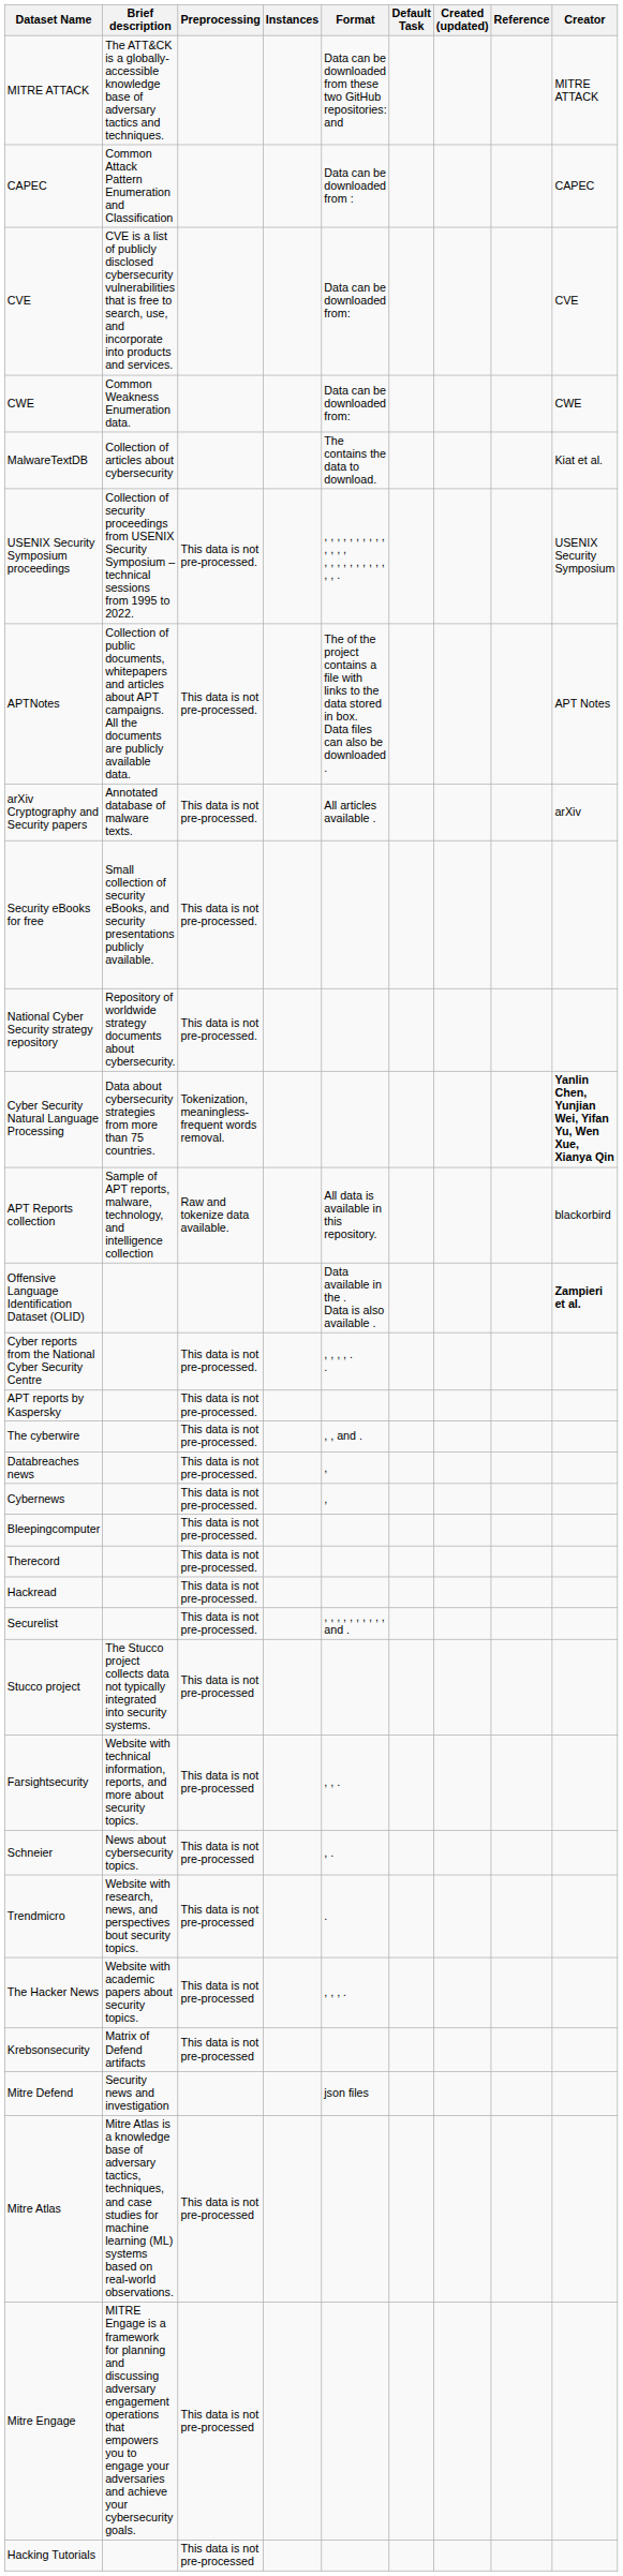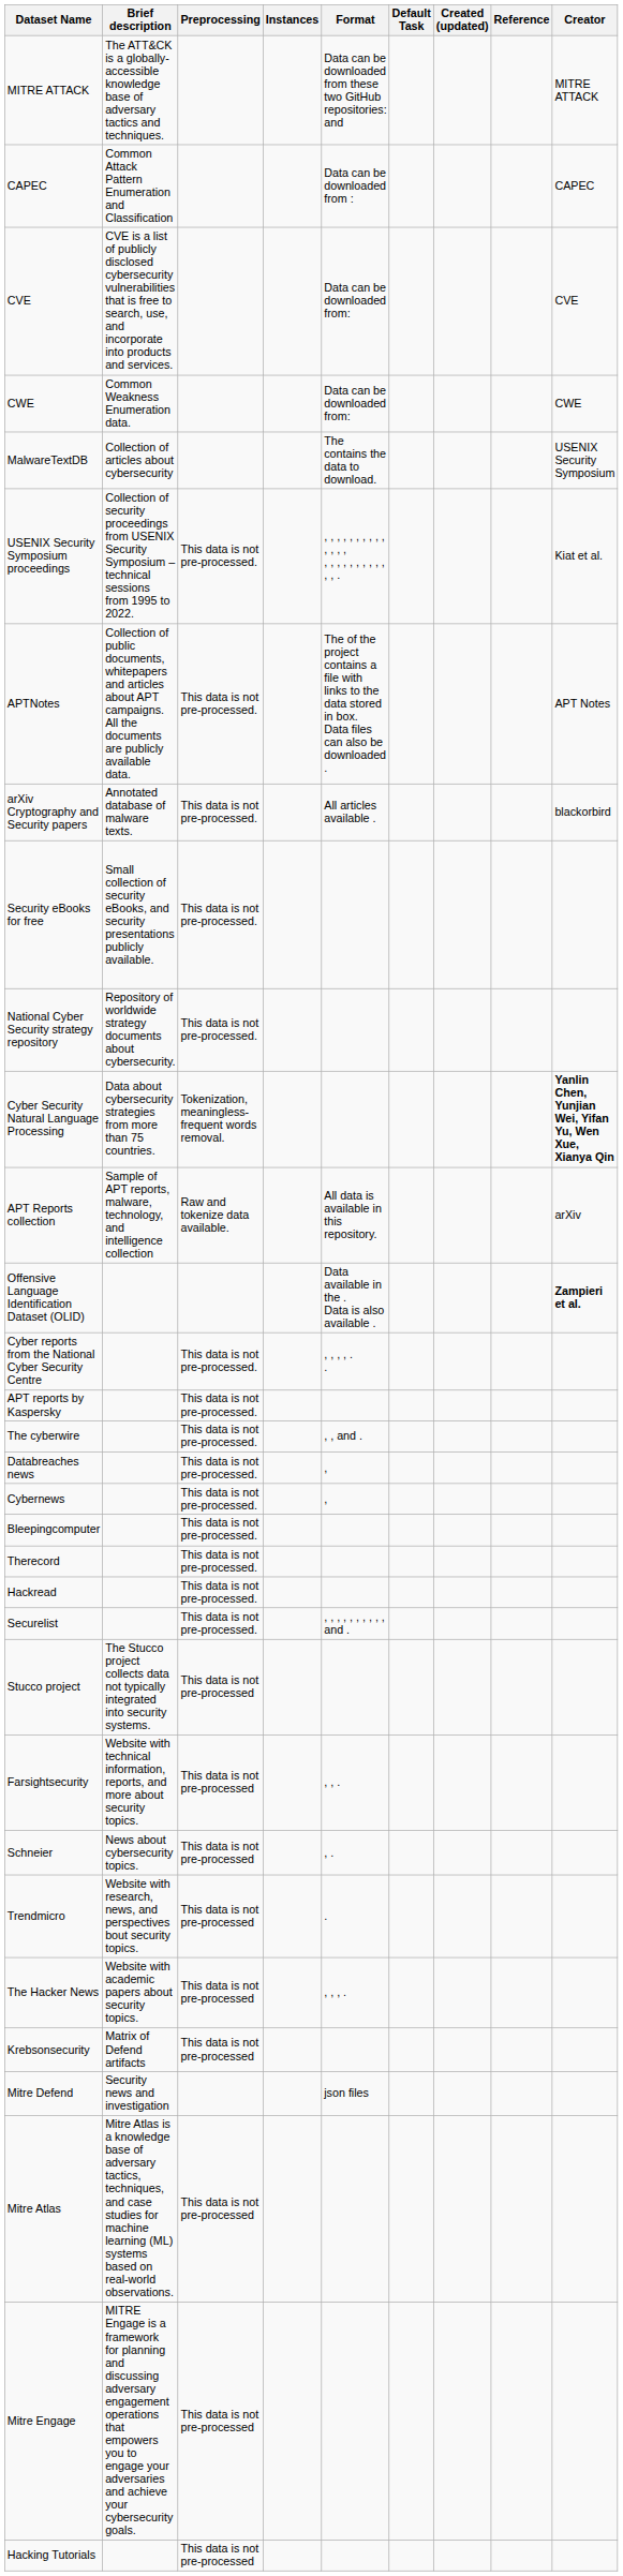 <table class="wikitable sortable sort-under">
 <tr>
 <th>Dataset Name</th>
 <th>Brief description</th>
 <th>Preprocessing</th>
 <th>Instances</th>
 <th>Format</th>
 <th>Default Task</th>
 <th>Created (updated)</th>
 <th>Reference</th>
 <th>Creator</th>
 </tr>
 <tr>
 <td>MITRE ATTACK</td>
 <td>The ATT&CK is a globally-accessible knowledge base of adversary tactics and techniques.</td>
 <td></td>
 <td></td>
 <td>Data can be downloaded from these two GitHub repositories:  and </td>
 <td></td>
 <td></td>
 <td></td>
 <td>MITRE ATTACK</td>
 </tr>
 <tr>
 <td>CAPEC</td>
 <td>Common Attack Pattern Enumeration and Classification</td>
 <td></td>
 <td></td>
 <td>Data can be downloaded from :<br> </td>
 <td></td>
 <td></td>
 <td></td>
 <td>CAPEC</td>
 </tr>
 <tr>
 <td>CVE</td>
 <td>CVE is a list of publicly disclosed cybersecurity vulnerabilities that is free to search, use, and incorporate into products and services.</td>
 <td></td>
 <td></td>
 <td>Data can be downloaded from: </td>
 <td></td>
 <td></td>
 <td></td>
 <td>CVE</td>
 </tr>
 <tr>
 <td>CWE</td>
 <td>Common Weakness Enumeration data.</td>
 <td></td>
 <td></td>
 <td>Data can be downloaded from:<br> </td>
 <td></td>
 <td></td>
 <td></td>
 <td>CWE</td>
 </tr>
 <tr>
 <td>MalwareTextDB</td>
 <td>Collection of articles about cybersecurity</td>
 <td></td>
 <td></td>
 <td>The  contains the data to download.</td>
 <td></td>
 <td></td>
 <td></td>
-<td>Kiat et al.</td>
+<td>USENIX Security Symposium</td>
 </tr>
 <tr>
 <td>USENIX Security Symposium proceedings</td>
 <td>Collection of security proceedings from USENIX Security Symposium – technical sessions from 1995 to 2022.</td>
 <td>This data is not pre-processed.</td>
 <td></td>
 <td>, , , ,  , , , , , , , ,  , ,<br>,  , , , , , , , , , , , .</td>
 <td></td>
 <td></td>
 <td></td>
-<td>USENIX Security Symposium</td>
+<td>Kiat et al.</td>
 </tr>
 <tr>
 <td>APTNotes</td>
 <td>Collection of public documents, whitepapers and articles about APT campaigns. All the documents are publicly available data.</td>
 <td>This data is not pre-processed.</td>
 <td></td>
 <td>The  of the project contains a file with links to the data stored in box.<br>Data files can also be downloaded .</td>
 <td></td>
 <td></td>
 <td></td>
 <td>APT Notes</td>
 </tr>
 <tr>
 <td>arXiv Cryptography and Security papers</td>
 <td>Annotated database of malware texts.</td>
 <td>This data is not pre-processed.</td>
 <td></td>
 <td>All articles available .</td>
 <td></td>
 <td></td>
 <td></td>
-<td>arXiv</td>
+<td>blackorbird</td>
 </tr>
 <tr>
 <td>Security eBooks for free</td>
 <td>Small collection of security eBooks, and security presentations publicly available.</td>
 <td>This data is not pre-processed.</td>
 <td></td>
 <td></td>
 <td></td>
 <td></td>
 <td><br><br><br><br><br><br><br><br><br><br><br></td>
 <td></td>
 </tr>
 <tr>
 <td>National Cyber Security strategy repository</td>
 <td>Repository of worldwide strategy documents about cybersecurity.</td>
 <td>This data is not pre-processed.</td>
 <td></td>
 <td></td>
 <td></td>
 <td></td>
 <td></td>
 <td></td>
 </tr>
 <tr>
 <td>Cyber Security Natural Language Processing</td>
 <td>Data about cybersecurity strategies from more than 75 countries.</td>
 <td>Tokenization, meaningless-frequent words removal.</td>
 <td></td>
 <td></td>
 <td></td>
 <td></td>
 <td></td>
 <td><strong>Yanlin Chen, Yunjian Wei, Yifan Yu, Wen Xue, Xianya Qin</strong></td>
 </tr>
 <tr>
 <td>APT Reports collection</td>
 <td>Sample of APT reports, malware, technology, and intelligence collection</td>
 <td>Raw and tokenize data available.</td>
 <td></td>
 <td>All data is available in this  repository.</td>
 <td></td>
 <td></td>
 <td></td>
-<td>blackorbird</td>
+<td>arXiv</td>
 </tr>
 <tr>
 <td>Offensive Language Identification Dataset (OLID)</td>
 <td></td>
 <td></td>
 <td></td>
 <td>Data available in the .<br>Data is also available .</td>
 <td></td>
 <td></td>
 <td></td>
 <td><strong>Zampieri et al.</strong></td>
 </tr>
 <tr>
 <td>Cyber reports from the National Cyber Security Centre</td>
 <td></td>
 <td>This data is not pre-processed.</td>
 <td></td>
 <td>, , , , .<br>.</td>
 <td></td>
 <td></td>
 <td></td>
 <td></td>
 </tr>
 <tr>
 <td>APT reports by Kaspersky</td>
 <td></td>
 <td>This data is not pre-processed.</td>
 <td></td>
 <td></td>
 <td></td>
 <td></td>
 <td></td>
 <td></td>
 </tr>
 <tr>
 <td>The cyberwire</td>
 <td></td>
 <td>This data is not pre-processed.</td>
 <td></td>
 <td>, , and .</td>
 <td></td>
 <td></td>
 <td></td>
 <td></td>
 </tr>
 <tr>
 <td>Databreaches news</td>
 <td></td>
 <td>This data is not pre-processed.</td>
 <td></td>
 <td>, </td>
 <td></td>
 <td></td>
 <td></td>
 <td></td>
 </tr>
 <tr>
 <td>Cybernews</td>
 <td></td>
 <td>This data is not pre-processed.</td>
 <td></td>
 <td>, </td>
 <td></td>
 <td></td>
 <td></td>
 <td></td>
 </tr>
 <tr>
 <td>Bleepingcomputer</td>
 <td></td>
 <td>This data is not pre-processed.</td>
 <td></td>
 <td></td>
 <td></td>
 <td></td>
 <td></td>
 <td></td>
 </tr>
 <tr>
 <td>Therecord</td>
 <td></td>
 <td>This data is not pre-processed.</td>
 <td></td>
 <td></td>
 <td></td>
 <td></td>
 <td></td>
 <td></td>
 </tr>
 <tr>
 <td>Hackread</td>
 <td></td>
 <td>This data is not pre-processed.</td>
 <td></td>
 <td></td>
 <td></td>
 <td></td>
 <td></td>
 <td></td>
 </tr>
 <tr>
 <td>Securelist</td>
 <td></td>
 <td>This data is not pre-processed.</td>
 <td></td>
 <td>, , , , , , , , , , and .</td>
 <td></td>
 <td></td>
 <td></td>
 <td></td>
 </tr>
 <tr>
 <td>Stucco project</td>
 <td>The Stucco project collects data not typically integrated into security systems.</td>
 <td>This data is not pre-processed</td>
 <td></td>
 <td></td>
 <td></td>
 <td></td>
 <td></td>
 <td></td>
 </tr>
 <tr>
 <td>Farsightsecurity</td>
 <td>Website with technical information, reports, and more about security topics.</td>
 <td>This data is not pre-processed</td>
 <td></td>
 <td>, , .</td>
 <td></td>
 <td></td>
 <td></td>
 <td></td>
 </tr>
 <tr>
 <td>Schneier</td>
 <td>News about cybersecurity topics.</td>
 <td>This data is not pre-processed</td>
 <td></td>
 <td>, .</td>
 <td></td>
 <td></td>
 <td></td>
 <td></td>
 </tr>
 <tr>
 <td>Trendmicro</td>
 <td>Website with research, news, and perspectives bout security topics.</td>
 <td>This data is not pre-processed</td>
 <td></td>
 <td>.</td>
 <td></td>
 <td></td>
 <td></td>
 <td></td>
 </tr>
 <tr>
 <td>The Hacker News</td>
 <td>Website with academic papers about security topics.</td>
 <td>This data is not pre-processed</td>
 <td></td>
 <td>, , , .</td>
 <td></td>
 <td></td>
 <td></td>
 <td></td>
 </tr>
 <tr>
 <td>Krebsonsecurity</td>
 <td>Matrix of Defend artifacts</td>
 <td>This data is not pre-processed</td>
 <td></td>
 <td></td>
 <td></td>
 <td></td>
 <td></td>
 <td></td>
 </tr>
 <tr>
 <td>Mitre Defend</td>
 <td>Security news and investigation</td>
 <td></td>
 <td></td>
 <td>json files</td>
 <td></td>
 <td></td>
 <td></td>
 <td></td>
 </tr>
 <tr>
 <td>Mitre Atlas</td>
 <td>Mitre Atlas is a knowledge base of adversary tactics, techniques, and case studies for machine learning (ML) systems based on real-world observations.</td>
 <td>This data is not pre-processed</td>
 <td></td>
 <td></td>
 <td></td>
 <td></td>
 <td></td>
 <td></td>
 </tr>
 <tr>
 <td>Mitre Engage</td>
 <td>MITRE Engage is a framework for planning and discussing adversary engagement operations that empowers you to engage your adversaries and achieve your cybersecurity goals.</td>
 <td>This data is not pre-processed</td>
 <td></td>
 <td></td>
 <td></td>
 <td></td>
 <td></td>
 <td></td>
 </tr>
 <tr>
 <td>Hacking Tutorials</td>
 <td></td>
 <td>This data is not pre-processed</td>
 <td></td>
 <td></td>
 <td></td>
 <td></td>
 <td></td>
 <td></td>
 </tr>
 </table>
